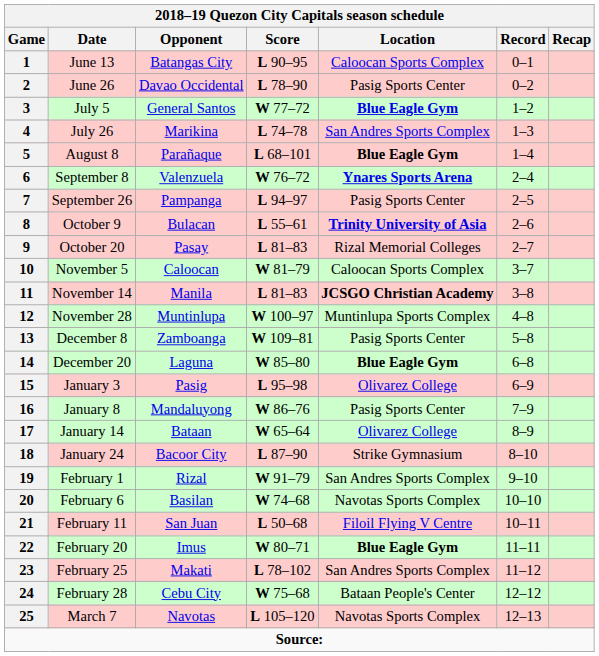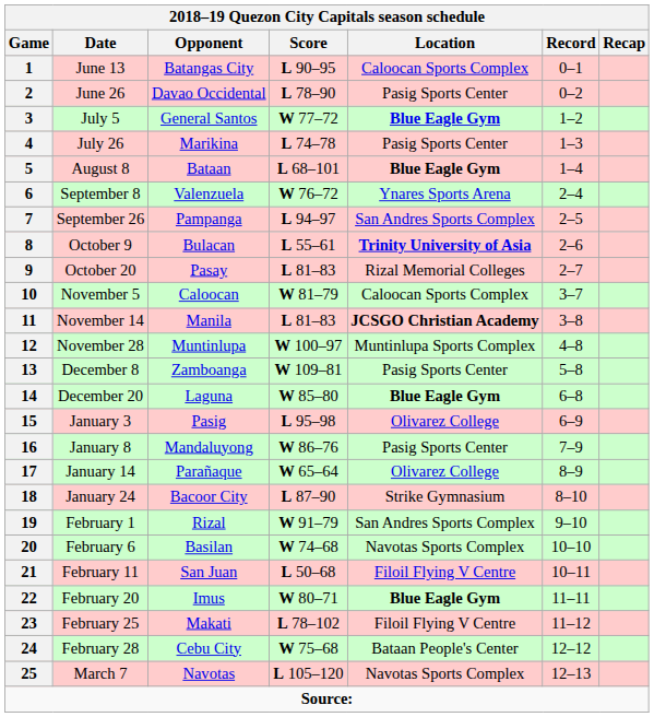 <table class="wikitable" style="text-align:center">
 <tr>
 <th colspan=7>2018–19 Quezon City Capitals season schedule</th>
 </tr>
 <tr>
 <th>Game</th>
 <th>Date</th>
 <th>Opponent</th>
 <th>Score</th>
 <th>Location</th>
 <th>Record</th>
 <th>Recap<br></th>
 </tr>
 <tr style="background:#fcc">
 <th>1</th>
 <td>June 13</td>
 <td><a href='#'>Batangas City</a></td>
 <td><strong>L</strong> 90–95</td>
 <td><a href='#'>Caloocan Sports Complex</a></td>
 <td>0–1</td>
 <td></td>
 </tr>
 <tr style="background:#fcc">
 <th>2</th>
 <td>June 26</td>
 <td><a href='#'>Davao Occidental</a></td>
 <td><strong>L</strong> 78–90</td>
 <td>Pasig Sports Center</td>
 <td>0–2</td>
 <td></td>
 </tr>
 <tr style="background:#cfc">
 <th>3</th>
 <td>July 5</td>
 <td><a href='#'>General Santos</a></td>
 <td><strong>W</strong> 77–72</td>
 <td><strong><a href='#'>Blue Eagle Gym</a></strong></td>
 <td>1–2</td>
 <td></td>
 </tr>
 <tr style="background:#fcc">
 <th>4</th>
 <td>July 26</td>
 <td><a href='#'>Marikina</a></td>
 <td><strong>L</strong> 74–78</td>
-<td><a href='#'>San Andres Sports Complex</a></td>
+<td>Pasig Sports Center</td>
 <td>1–3</td>
 <td></td>
 </tr>
 <tr style="background:#fcc">
 <th>5</th>
 <td>August 8</td>
-<td><a href='#'>Parañaque</a></td>
+<td><a href='#'>Bataan</a></td>
 <td><strong>L</strong> 68–101</td>
 <td><strong>Blue Eagle Gym</strong></td>
 <td>1–4</td>
 <td></td>
 </tr>
 <tr style="background:#cfc">
 <th>6</th>
 <td>September 8</td>
 <td><a href='#'>Valenzuela</a></td>
 <td><strong>W</strong> 76–72</td>
-<td><strong><a href='#'>Ynares Sports Arena</a></strong></td>
+<td><a href='#'>Ynares Sports Arena</a></td>
 <td>2–4</td>
 <td></td>
 </tr>
 <tr style="background:#fcc">
 <th>7</th>
 <td>September 26</td>
 <td><a href='#'>Pampanga</a></td>
 <td><strong>L</strong> 94–97</td>
-<td>Pasig Sports Center</td>
+<td><a href='#'>San Andres Sports Complex</a></td>
 <td>2–5</td>
 <td><br></td>
 </tr>
 <tr style="background:#fcc">
 <th>8</th>
 <td>October 9</td>
 <td><a href='#'>Bulacan</a></td>
 <td><strong>L</strong> 55–61</td>
 <td><strong><a href='#'>Trinity University of Asia</a></strong></td>
 <td>2–6</td>
 <td></td>
 </tr>
 <tr style="background:#fcc">
 <th>9</th>
 <td>October 20</td>
 <td><a href='#'>Pasay</a></td>
 <td><strong>L</strong> 81–83</td>
 <td>Rizal Memorial Colleges</td>
 <td>2–7</td>
 <td></td>
 </tr>
 <tr style="background:#cfc">
 <th>10</th>
 <td>November 5</td>
 <td><a href='#'>Caloocan</a></td>
 <td><strong>W</strong> 81–79</td>
 <td>Caloocan Sports Complex</td>
 <td>3–7</td>
 <td></td>
 </tr>
 <tr style="background:#fcc">
 <th>11</th>
 <td>November 14</td>
 <td><a href='#'>Manila</a></td>
 <td><strong>L</strong> 81–83</td>
 <td><strong>JCSGO Christian Academy</strong></td>
 <td>3–8</td>
 <td></td>
 </tr>
 <tr style="background:#cfc">
 <th>12</th>
 <td>November 28</td>
 <td><a href='#'>Muntinlupa</a></td>
 <td><strong>W</strong> 100–97 </td>
 <td>Muntinlupa Sports Complex</td>
 <td>4–8</td>
 <td></td>
 </tr>
 <tr style="background:#cfc">
 <th>13</th>
 <td>December 8</td>
 <td><a href='#'>Zamboanga</a></td>
 <td><strong>W</strong> 109–81</td>
 <td>Pasig Sports Center</td>
 <td>5–8</td>
 <td></td>
 </tr>
 <tr style="background:#cfc">
 <th>14</th>
 <td>December 20</td>
 <td><a href='#'>Laguna</a></td>
 <td><strong>W</strong> 85–80</td>
 <td><strong>Blue Eagle Gym</strong></td>
 <td>6–8</td>
 <td><br></td>
 </tr>
 <tr style="background:#fcc">
 <th>15</th>
 <td>January 3</td>
 <td><a href='#'>Pasig</a></td>
 <td><strong>L</strong> 95–98</td>
 <td><a href='#'>Olivarez College</a></td>
 <td>6–9</td>
 <td></td>
 </tr>
 <tr style="background:#cfc">
 <th>16</th>
 <td>January 8</td>
 <td><a href='#'>Mandaluyong</a></td>
 <td><strong>W</strong> 86–76</td>
 <td>Pasig Sports Center</td>
 <td>7–9</td>
 <td></td>
 </tr>
 <tr style="background:#cfc">
 <th>17</th>
 <td>January 14</td>
-<td><a href='#'>Bataan</a></td>
+<td><a href='#'>Parañaque</a></td>
 <td><strong>W</strong> 65–64</td>
 <td><a href='#'>Olivarez College</a></td>
 <td>8–9</td>
 <td></td>
 </tr>
 <tr style="background:#fcc">
 <th>18</th>
 <td>January 24</td>
 <td><a href='#'>Bacoor City</a></td>
 <td><strong>L</strong> 87–90</td>
 <td>Strike Gymnasium</td>
 <td>8–10</td>
 <td></td>
 </tr>
 <tr style="background:#cfc">
 <th>19</th>
 <td>February 1</td>
 <td><a href='#'>Rizal</a></td>
 <td><strong>W</strong> 91–79</td>
 <td>San Andres Sports Complex</td>
 <td>9–10</td>
 <td></td>
 </tr>
 <tr style="background:#cfc">
 <th>20</th>
 <td>February 6</td>
 <td><a href='#'>Basilan</a></td>
 <td><strong>W</strong> 74–68</td>
 <td>Navotas Sports Complex</td>
 <td>10–10</td>
 <td></td>
 </tr>
 <tr style="background:#fcc">
 <th>21</th>
 <td>February 11</td>
 <td><a href='#'>San Juan</a></td>
 <td><strong>L</strong> 50–68</td>
 <td><a href='#'>Filoil Flying V Centre</a></td>
 <td>10–11</td>
 <td></td>
 </tr>
 <tr style="background:#cfc">
 <th>22</th>
 <td>February 20</td>
 <td><a href='#'>Imus</a></td>
 <td><strong>W</strong> 80–71</td>
 <td><strong>Blue Eagle Gym</strong></td>
 <td>11–11</td>
 <td></td>
 </tr>
 <tr style="background:#fcc">
 <th>23</th>
 <td>February 25</td>
 <td><a href='#'>Makati</a></td>
 <td><strong>L</strong> 78–102</td>
-<td>San Andres Sports Complex</td>
+<td>Filoil Flying V Centre</td>
 <td>11–12</td>
 <td></td>
 </tr>
 <tr style="background:#cfc">
 <th>24</th>
 <td>February 28</td>
 <td><a href='#'>Cebu City</a></td>
 <td><strong>W</strong> 75–68</td>
 <td>Bataan People's Center</td>
 <td>12–12</td>
 <td></td>
 </tr>
 <tr style="background:#fcc">
 <th>25</th>
 <td>March 7</td>
 <td><a href='#'>Navotas</a></td>
 <td><strong>L</strong> 105–120</td>
 <td>Navotas Sports Complex</td>
 <td>12–13</td>
 <td></td>
 </tr>
 <tr>
 <td colspan=7 align=center><strong>Source: </strong></td>
 </tr>
 </table>
